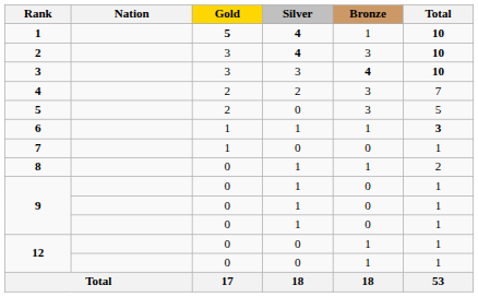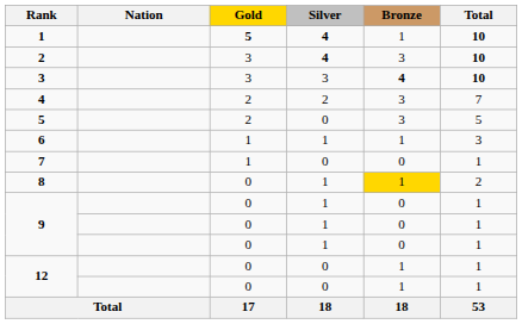 <table class="wikitable collapsible autocollapse plainrowheaders" width=70.5% style="text-align:center;">
 <tr style="background-color:#EDEDED;">
 <th width=100px class="hintergrundfarbe5">Rank</th>
 <th width=200px class="hintergrundfarbe6">Nation</th>
 <th style="background:    gold; width:15%">Gold</th>
 <th style="background:  silver; width:15%">Silver</th>
 <th style="background: #CC9966; width:15%">Bronze</th>
 <th class="hintergrundfarbe6" style="width:15%">Total</th>
 </tr>
 <tr>
 <td><strong>1</strong></td>
 <td align=left></td>
 <td><strong>5</strong></td>
 <td><strong>4</strong></td>
 <td>1</td>
 <td><strong>10</strong></td>
 </tr>
 <tr>
 <td><strong>2</strong></td>
 <td align=left></td>
 <td>3</td>
 <td><strong>4</strong></td>
 <td>3</td>
 <td><strong>10</strong></td>
 </tr>
 <tr>
 <td><strong>3</strong></td>
 <td align=left></td>
 <td>3</td>
 <td>3</td>
 <td><strong>4</strong></td>
 <td><strong>10</strong></td>
 </tr>
 <tr>
 <td><strong>4</strong></td>
 <td align=left></td>
 <td>2</td>
 <td>2</td>
 <td>3</td>
 <td>7</td>
 </tr>
 <tr>
 <td><strong>5</strong></td>
 <td align=left></td>
 <td>2</td>
 <td>0</td>
 <td>3</td>
 <td>5</td>
 </tr>
 <tr>
 <td><strong>6</strong></td>
 <td align=left></td>
 <td>1</td>
 <td>1</td>
 <td>1</td>
-<td><strong>3</strong></td>
+<td>3</td>
 </tr>
 <tr>
 <td><strong>7</strong></td>
 <td align=left></td>
 <td>1</td>
 <td>0</td>
 <td>0</td>
 <td>1</td>
 </tr>
 <tr>
 <td><strong>8</strong></td>
 <td align=left></td>
 <td>0</td>
 <td>1</td>
-<td>1</td>
+<td style="background: gold;">1</td>
 <td>2</td>
 </tr>
 <tr>
 <td rowspan=3><strong>9</strong></td>
 <td align=left><em></em></td>
 <td>0</td>
 <td>1</td>
 <td>0</td>
 <td>1</td>
 </tr>
 <tr>
 <td align=left></td>
 <td>0</td>
 <td>1</td>
 <td>0</td>
 <td>1</td>
 </tr>
 <tr>
 <td align=left></td>
 <td>0</td>
 <td>1</td>
 <td>0</td>
 <td>1</td>
 </tr>
 <tr>
 <td rowspan=2><strong>12</strong></td>
 <td align=left></td>
 <td>0</td>
 <td>0</td>
 <td>1</td>
 <td>1</td>
 </tr>
 <tr>
 <td align=left></td>
 <td>0</td>
 <td>0</td>
 <td>1</td>
 <td>1</td>
 </tr>
 <tr>
 <th colspan=2>Total</th>
 <th>17</th>
 <th>18</th>
 <th>18</th>
 <th>53</th>
 </tr>
 </table>
